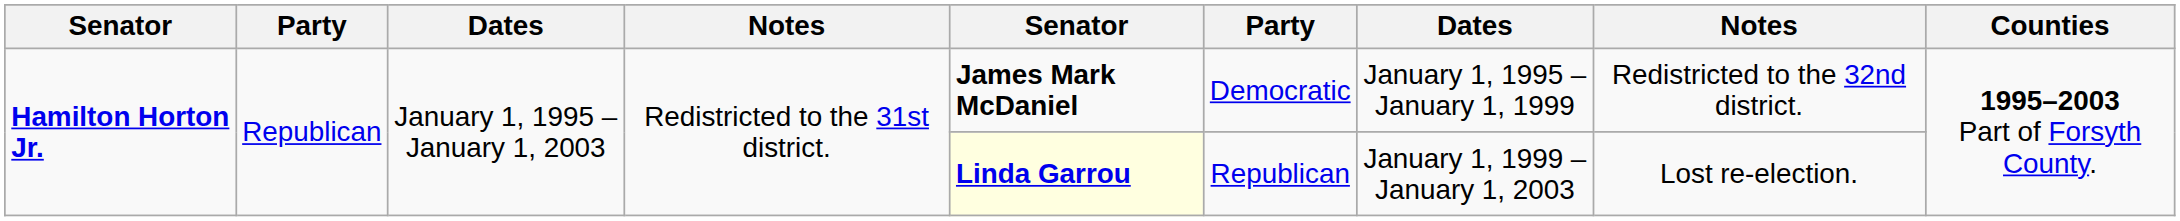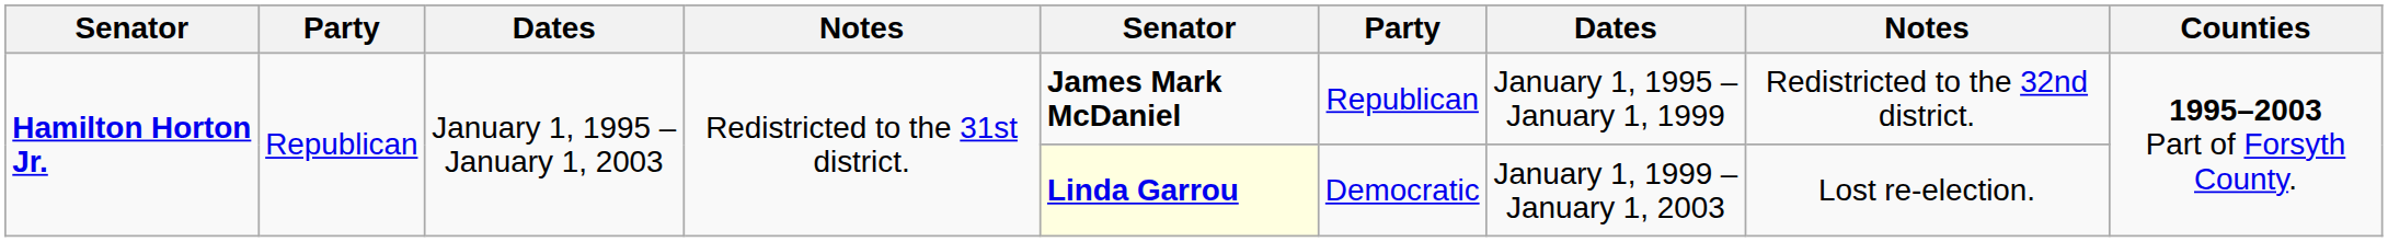 <table class=wikitable style="text-align:center">
 <tr>
 <th>Senator</th>
 <th>Party</th>
 <th>Dates</th>
 <th>Notes</th>
 <th>Senator</th>
 <th>Party</th>
 <th>Dates</th>
 <th>Notes</th>
 <th>Counties</th>
 </tr>
 <tr style="height:3em">
 <td rowspan=2 align=left><strong><a href='#'>Hamilton Horton Jr.</a></strong></td>
 <td rowspan=2 ><a href='#'>Republican</a></td>
 <td rowspan=2 nowrap>January 1, 1995 – <br> January 1, 2003</td>
 <td rowspan=2>Redistricted to the <a href='#'>31st</a> district.</td>
 <td align=left><strong>James Mark McDaniel</strong></td>
-<td><a href='#'>Democratic</a></td>
+<td><a href='#'>Republican</a></td>
 <td nowrap>January 1, 1995 – <br> January 1, 1999</td>
 <td>Redistricted to the <a href='#'>32nd</a> district.</td>
 <td rowspan=2><strong>1995–2003</strong><br> Part of <a href='#'>Forsyth County</a>.</td>
 </tr>
 <tr style="height:3em">
 <td align=left style="background: lightyellow;"><strong><a href='#'>Linda Garrou</a></strong></td>
-<td><a href='#'>Republican</a></td>
+<td><a href='#'>Democratic</a></td>
 <td nowrap>January 1, 1999 – <br> January 1, 2003</td>
 <td>Lost re-election.</td>
 </tr>
 </table>
